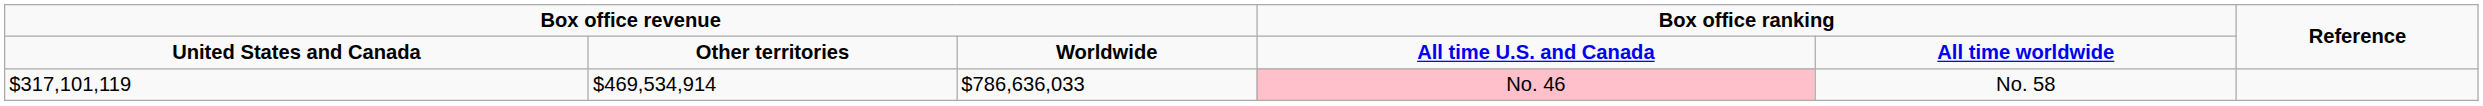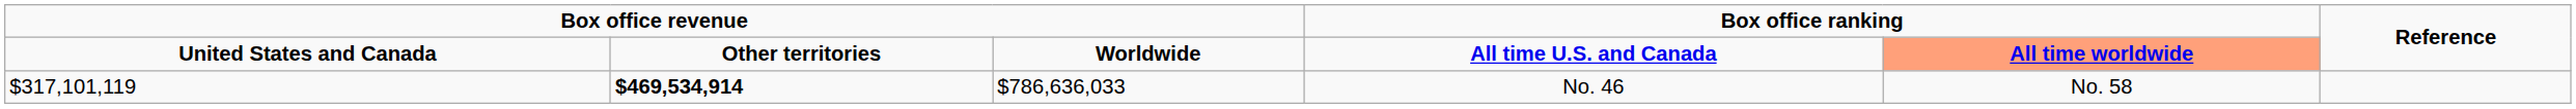 <table class="wikitable" style="width:99%;">
 <tr style="text-align:center;">
 <td colspan="3"><strong>Box office revenue</strong></td>
 <td colspan="2" text="wrap"><strong>Box office ranking</strong></td>
 <td rowspan="2"><strong>Reference</strong></td>
 </tr>
 <tr style="text-align:center;">
 <td><strong>United States and Canada</strong></td>
 <td><strong>Other territories</strong></td>
 <td><strong>Worldwide</strong></td>
 <td><strong><a href='#'>All time U.S. and Canada</a></strong></td>
-<td><strong><a href='#'>All time worldwide</a></strong></td>
+<td style="background: lightsalmon;"><strong><a href='#'>All time worldwide</a></strong></td>
 </tr>
 <tr>
 <td>$317,101,119</td>
-<td>$469,534,914</td>
+<td><strong>$469,534,914</strong></td>
 <td>$786,636,033</td>
-<td style="background: pink; text-align:center;">No. 46</td>
+<td style="text-align:center;">No. 46</td>
 <td style="text-align:center;">No. 58</td>
 <td style="text-align:center;"></td>
 </tr>
 </table>
